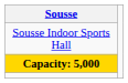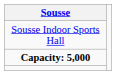 <table class="wikitable" style="text-align:center" align=center>
 <tr>
 <th><a href='#'>Sousse</a></th>
 <td rowspan=4></td>
 </tr>
 <tr>
 <td width=150px><a href='#'>Sousse Indoor Sports Hall</a></td>
 </tr>
 <tr>
-<td style="background: gold;"><strong>Capacity: 5,000</strong></td>
+<td><strong>Capacity: 5,000</strong></td>
 </tr>
 <tr>
 <td></td>
 </tr>
 </table>
